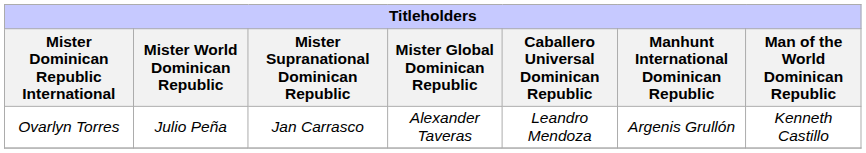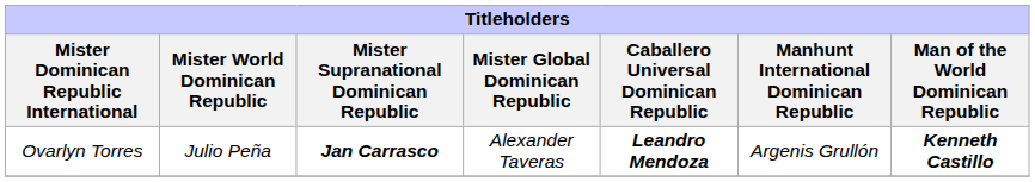 <table style="background:#fff" class="wikitable" width="100%">
 <tr>
 <th colspan="10" style="background:#C6C9FF;"><strong></strong> <strong>Titleholders</strong></th>
 </tr>
 <tr>
 <th width="10%">Mister Dominican Republic International</th>
 <th width="10%">Mister World Dominican Republic</th>
 <th width="10%">Mister Supranational Dominican Republic</th>
 <th width="10%">Mister Global Dominican Republic</th>
 <th width="10%">Caballero Universal Dominican Republic</th>
 <th width="10%">Manhunt International Dominican Republic</th>
 <th width="10%">Man of the World Dominican Republic</th>
 </tr>
 <tr align="center">
 <td><em>Ovarlyn Torres</em></td>
 <td><em>Julio Peña</em></td>
-<td><em>Jan Carrasco</em></td>
+<td><strong><em>Jan Carrasco</em></strong></td>
 <td><em>Alexander Taveras</em></td>
-<td><em>Leandro Mendoza</em></td>
+<td><strong><em>Leandro Mendoza</em></strong></td>
 <td><em>Argenis Grullón</em></td>
-<td><em>Kenneth Castillo</em></td>
+<td><strong><em>Kenneth Castillo</em></strong></td>
 </tr>
 <tr>
 </tr>
 </table>
